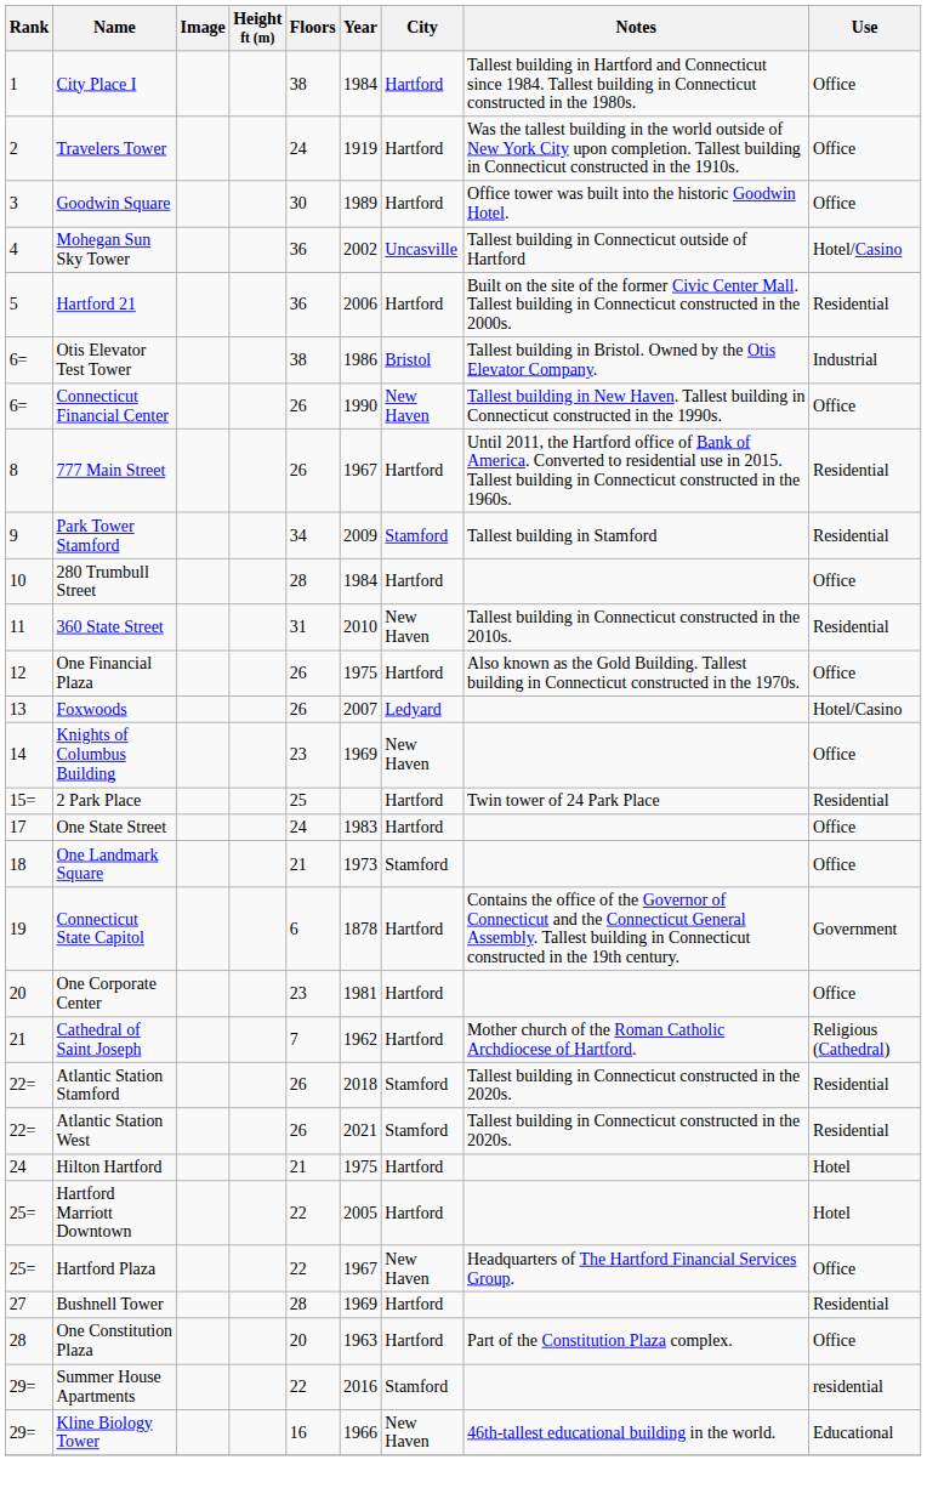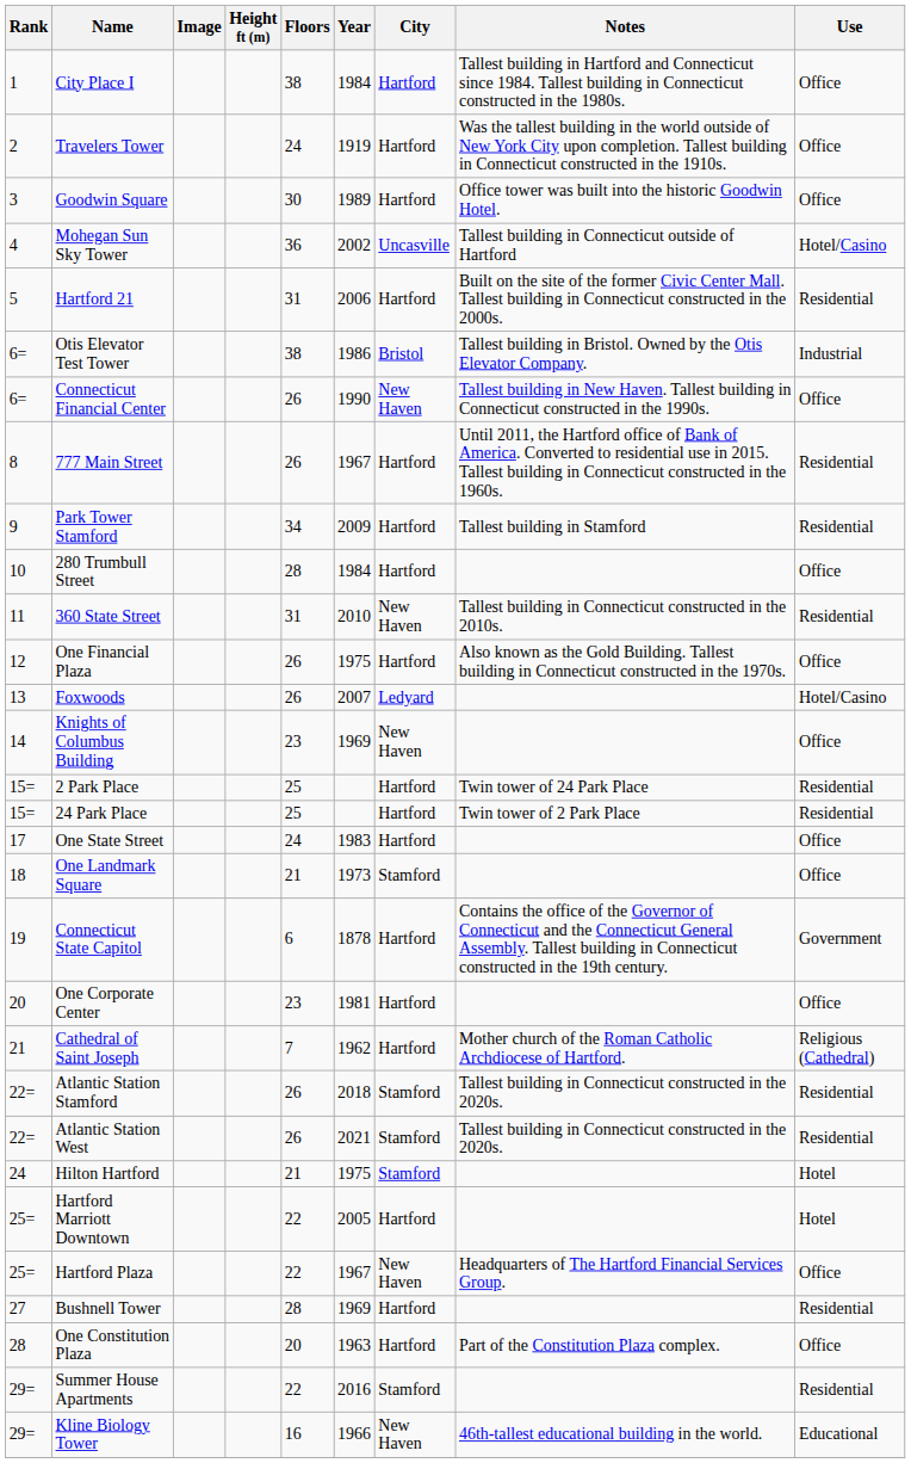 <table class="wikitable sortable">
 <tr>
 <th>Rank</th>
 <th>Name</th>
 <th>Image</th>
 <th>Height<br><small>ft (m)</small></th>
 <th>Floors</th>
 <th>Year</th>
 <th>City</th>
 <th>Notes</th>
 <th>Use</th>
 </tr>
 <tr>
 <td>1</td>
 <td><a href='#'>City Place I</a></td>
 <td></td>
 <td></td>
 <td>38</td>
 <td>1984</td>
 <td><a href='#'>Hartford</a></td>
 <td>Tallest building in Hartford and Connecticut since 1984. Tallest building in Connecticut constructed in the 1980s.</td>
 <td>Office</td>
 </tr>
 <tr>
 <td>2</td>
 <td><a href='#'>Travelers Tower</a></td>
 <td></td>
 <td></td>
 <td>24</td>
 <td>1919</td>
 <td>Hartford</td>
 <td>Was the tallest building in the world outside of <a href='#'>New York City</a> upon completion. Tallest building in Connecticut constructed in the 1910s.</td>
 <td>Office</td>
 </tr>
 <tr>
 <td>3</td>
 <td><a href='#'>Goodwin Square</a></td>
 <td></td>
 <td></td>
 <td>30</td>
 <td>1989</td>
 <td>Hartford</td>
 <td>Office tower was built into the historic <a href='#'>Goodwin Hotel</a>.</td>
 <td>Office</td>
 </tr>
 <tr>
 <td>4</td>
 <td><a href='#'>Mohegan Sun</a> Sky Tower</td>
 <td></td>
 <td></td>
 <td>36</td>
 <td>2002</td>
 <td><a href='#'>Uncasville</a></td>
 <td>Tallest building in Connecticut outside of Hartford</td>
 <td>Hotel/<a href='#'>Casino</a></td>
 </tr>
 <tr>
 <td>5</td>
 <td><a href='#'>Hartford 21</a></td>
 <td></td>
 <td></td>
-<td>36</td>
+<td>31</td>
 <td>2006</td>
 <td>Hartford</td>
 <td>Built on the site of the former <a href='#'>Civic Center Mall</a>. Tallest building in Connecticut constructed in the 2000s.</td>
 <td>Residential</td>
 </tr>
 <tr>
 <td>6=</td>
 <td>Otis Elevator Test Tower</td>
 <td></td>
 <td></td>
 <td>38</td>
 <td>1986</td>
 <td><a href='#'>Bristol</a></td>
 <td>Tallest building in Bristol. Owned by the <a href='#'>Otis Elevator Company</a>.</td>
 <td>Industrial</td>
 </tr>
 <tr>
 <td>6=</td>
 <td><a href='#'>Connecticut Financial Center</a></td>
 <td></td>
 <td></td>
 <td>26</td>
 <td>1990</td>
 <td><a href='#'>New Haven</a></td>
 <td><a href='#'>Tallest building in New Haven</a>. Tallest building in Connecticut constructed in the 1990s.</td>
 <td>Office</td>
 </tr>
 <tr>
 <td>8</td>
 <td><a href='#'>777 Main Street</a></td>
 <td></td>
 <td></td>
 <td>26</td>
 <td>1967</td>
 <td>Hartford</td>
 <td>Until 2011, the Hartford office of <a href='#'>Bank of America</a>. Converted to residential use in 2015. Tallest building in Connecticut constructed in the 1960s.</td>
 <td>Residential</td>
 </tr>
 <tr>
 <td>9</td>
 <td><a href='#'>Park Tower Stamford</a></td>
 <td></td>
 <td></td>
 <td>34</td>
 <td>2009</td>
-<td><a href='#'>Stamford</a></td>
+<td>Hartford</td>
 <td>Tallest building in Stamford</td>
 <td>Residential</td>
 </tr>
 <tr>
 <td>10</td>
 <td>280 Trumbull Street</td>
 <td></td>
 <td></td>
 <td>28</td>
 <td>1984</td>
 <td>Hartford</td>
 <td></td>
 <td>Office</td>
 </tr>
 <tr>
 <td>11</td>
 <td><a href='#'>360 State Street</a></td>
 <td></td>
 <td></td>
 <td>31</td>
 <td>2010</td>
 <td>New Haven</td>
 <td>Tallest building in Connecticut constructed in the 2010s.</td>
 <td>Residential</td>
 </tr>
 <tr>
 <td>12</td>
 <td>One Financial Plaza</td>
 <td></td>
 <td></td>
 <td>26</td>
 <td>1975</td>
 <td>Hartford</td>
 <td>Also known as the Gold Building. Tallest building in Connecticut constructed in the 1970s.</td>
 <td>Office</td>
 </tr>
 <tr>
 <td>13</td>
 <td><a href='#'>Foxwoods</a></td>
 <td></td>
 <td></td>
 <td>26</td>
 <td>2007</td>
 <td><a href='#'>Ledyard</a></td>
 <td></td>
 <td>Hotel/Casino</td>
 </tr>
 <tr>
 <td>14</td>
 <td><a href='#'>Knights of Columbus Building</a></td>
 <td></td>
 <td></td>
 <td>23</td>
 <td>1969</td>
 <td>New Haven</td>
 <td align="left”"></td>
 <td>Office</td>
 </tr>
 <tr>
 <td>15=</td>
 <td>2 Park Place</td>
 <td></td>
 <td></td>
 <td>25</td>
 <td></td>
 <td>Hartford</td>
 <td>Twin tower of 24 Park Place</td>
+<td>Residential</td>
+</tr>
+<tr>
+<td>15=</td>
+<td>24 Park Place</td>
+<td></td>
+<td></td>
+<td>25</td>
+<td></td>
+<td>Hartford</td>
+<td>Twin tower of 2 Park Place</td>
 <td>Residential</td>
 </tr>
 <tr>
 <td>17</td>
 <td>One State Street</td>
 <td></td>
 <td></td>
 <td>24</td>
 <td>1983</td>
 <td>Hartford</td>
 <td></td>
 <td>Office</td>
 </tr>
 <tr>
 <td>18</td>
 <td><a href='#'>One Landmark Square</a></td>
 <td></td>
 <td></td>
 <td>21</td>
 <td>1973</td>
 <td>Stamford</td>
 <td></td>
 <td>Office</td>
 </tr>
 <tr>
 <td>19</td>
 <td><a href='#'>Connecticut State Capitol</a></td>
 <td></td>
 <td></td>
 <td>6</td>
 <td>1878</td>
 <td>Hartford</td>
 <td>Contains the office of the <a href='#'>Governor of Connecticut</a> and the <a href='#'>Connecticut General Assembly</a>. Tallest building in Connecticut constructed in the 19th century.</td>
 <td>Government</td>
 </tr>
 <tr>
 <td>20</td>
 <td>One Corporate Center</td>
 <td></td>
 <td></td>
 <td>23</td>
 <td>1981</td>
 <td>Hartford</td>
 <td></td>
 <td>Office</td>
 </tr>
 <tr>
 <td>21</td>
 <td><a href='#'>Cathedral of Saint Joseph</a></td>
 <td></td>
 <td></td>
 <td>7</td>
 <td>1962</td>
 <td>Hartford</td>
 <td>Mother church of the <a href='#'>Roman Catholic Archdiocese of Hartford</a>.</td>
 <td>Religious (<a href='#'>Cathedral</a>)</td>
 </tr>
 <tr>
 <td>22=</td>
 <td>Atlantic Station Stamford</td>
 <td></td>
 <td></td>
 <td>26</td>
 <td>2018</td>
 <td>Stamford</td>
 <td>Tallest building in Connecticut constructed in the 2020s.</td>
 <td>Residential</td>
 </tr>
 <tr>
 <td>22=</td>
 <td>Atlantic Station West</td>
 <td></td>
 <td></td>
 <td>26</td>
 <td>2021</td>
 <td>Stamford</td>
 <td>Tallest building in Connecticut constructed in the 2020s.</td>
 <td>Residential</td>
 </tr>
 <tr>
 <td>24</td>
 <td>Hilton Hartford</td>
 <td></td>
 <td></td>
 <td>21</td>
 <td>1975</td>
-<td>Hartford</td>
+<td><a href='#'>Stamford</a></td>
 <td></td>
 <td>Hotel</td>
 </tr>
 <tr>
 <td>25=</td>
 <td>Hartford Marriott Downtown</td>
 <td></td>
 <td></td>
 <td>22</td>
 <td>2005</td>
 <td>Hartford</td>
 <td></td>
 <td>Hotel</td>
 </tr>
 <tr>
 <td>25=</td>
 <td>Hartford Plaza</td>
 <td></td>
 <td></td>
 <td>22</td>
 <td>1967</td>
 <td>New Haven</td>
 <td>Headquarters of <a href='#'>The Hartford Financial Services Group</a>.</td>
 <td>Office</td>
 </tr>
 <tr>
 <td>27</td>
 <td>Bushnell Tower</td>
 <td></td>
 <td></td>
 <td>28</td>
 <td>1969</td>
 <td>Hartford</td>
 <td></td>
 <td>Residential</td>
 </tr>
 <tr>
 <td>28</td>
 <td>One Constitution Plaza</td>
 <td></td>
 <td></td>
 <td>20</td>
 <td>1963</td>
 <td>Hartford</td>
 <td>Part of the <a href='#'>Constitution Plaza</a> complex.</td>
 <td>Office</td>
 </tr>
 <tr>
 <td>29=</td>
 <td>Summer House Apartments</td>
 <td></td>
 <td></td>
 <td>22</td>
 <td>2016</td>
 <td>Stamford</td>
 <td></td>
-<td>residential</td>
+<td>Residential</td>
 </tr>
 <tr>
 <td>29=</td>
 <td><a href='#'>Kline Biology Tower</a></td>
 <td></td>
 <td></td>
 <td>16</td>
 <td>1966</td>
 <td>New Haven</td>
 <td><a href='#'>46th-tallest educational building</a> in the world.</td>
 <td>Educational</td>
 </tr>
 <tr>
 </tr>
 </table>
